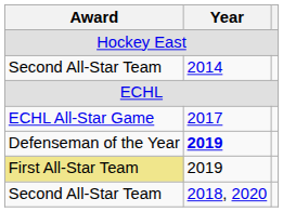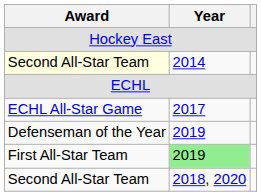 <table class="wikitable">
 <tr>
 <th>Award</th>
 <th>Year</th>
 <th></th>
 </tr>
 <tr ALIGN="center" bgcolor="#e0e0e0">
 <td colspan="3"><a href='#'>Hockey East</a></td>
 </tr>
 <tr>
-<td>Second All-Star Team</td>
+<td style="background: lightyellow;">Second All-Star Team</td>
 <td><a href='#'>2014</a></td>
 <td></td>
 </tr>
 <tr ALIGN="center" bgcolor="#e0e0e0">
 <td colspan="3"><a href='#'>ECHL</a></td>
 </tr>
 <tr>
 <td><a href='#'>ECHL All-Star Game</a></td>
 <td><a href='#'>2017</a></td>
 <td></td>
 </tr>
 <tr>
 <td>Defenseman of the Year</td>
-<td><strong><a href='#'>2019</a></strong></td>
+<td><a href='#'>2019</a></td>
 <td></td>
 </tr>
 <tr>
-<td style="background: khaki;">First All-Star Team</td>
-<td>2019</td>
+<td>First All-Star Team</td>
+<td style="background: lightgreen;">2019</td>
 <td></td>
 </tr>
 <tr>
 <td>Second All-Star Team</td>
 <td><a href='#'>2018</a>, <a href='#'>2020</a></td>
 <td></td>
 </tr>
 </table>
